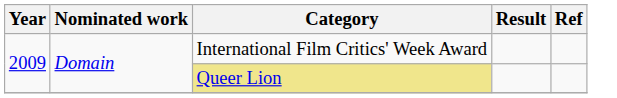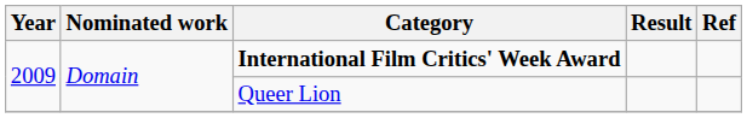 <table class="wikitable sortable">
 <tr>
 <th>Year</th>
 <th>Nominated work</th>
 <th>Category</th>
 <th>Result</th>
 <th>Ref</th>
 </tr>
 <tr>
 <td rowspan=2><a href='#'>2009</a></td>
 <td rowspan=2><em><a href='#'>Domain</a></em></td>
-<td>International Film Critics' Week Award</td>
+<td><strong>International Film Critics' Week Award</strong></td>
 <td></td>
 <td></td>
 </tr>
 <tr>
-<td style="background: khaki;"><a href='#'>Queer Lion</a></td>
+<td><a href='#'>Queer Lion</a></td>
 <td></td>
 <td></td>
 </tr>
 <tr>
 </tr>
 </table>
